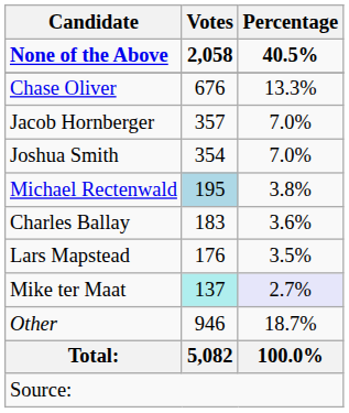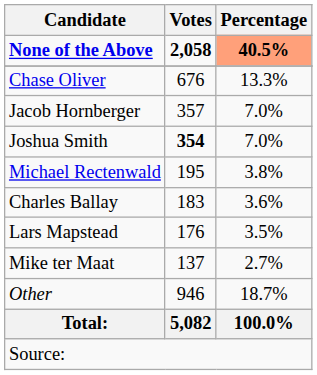 <table class="wikitable sortable tpl-blanktable" style="font-size:90%;text-align:center;">
 <tr>
 <th>Candidate</th>
 <th>Votes</th>
 <th>Percentage</th>
 </tr>
 <tr>
 <td style="text-align:left;"><strong><a href='#'>None of the Above</a></strong></td>
 <td><strong>2,058</strong></td>
-<td><strong>40.5%</strong></td>
+<td style="background: lightsalmon;"><strong>40.5%</strong></td>
 </tr>
 <tr>
 </tr>
 <tr>
 <td style="text-align:left;"><a href='#'>Chase Oliver</a></td>
 <td>676</td>
 <td>13.3%</td>
 </tr>
 <tr>
 <td style="text-align:left;">Jacob Hornberger</td>
 <td>357</td>
 <td>7.0%</td>
 </tr>
 <tr>
 <td style="text-align:left;">Joshua Smith</td>
-<td>354</td>
+<td><strong>354</strong></td>
 <td>7.0%</td>
 </tr>
 <tr>
 <td style="text-align:left;"><a href='#'>Michael Rectenwald</a></td>
-<td style="background: lightblue;">195</td>
+<td>195</td>
 <td>3.8%</td>
 </tr>
 <tr>
 <td style="text-align:left;">Charles Ballay</td>
 <td>183</td>
 <td>3.6%</td>
 </tr>
 <tr>
 <td style="text-align:left;">Lars Mapstead</td>
 <td>176</td>
 <td>3.5%</td>
 </tr>
 <tr>
 <td style="text-align:left;">Mike ter Maat</td>
-<td style="background: paleturquoise;">137</td>
-<td style="background: lavender;">2.7%</td>
+<td>137</td>
+<td>2.7%</td>
 </tr>
 <tr>
 <td style="text-align:left;"><em>Other</em></td>
 <td>946</td>
 <td>18.7%</td>
 </tr>
 <tr style="background:#eee;">
 <th>Total:</th>
 <th>5,082</th>
 <th>100.0%</th>
 </tr>
 <tr>
 <td colspan="3" style="text-align:left;">Source:</td>
 </tr>
 </table>
